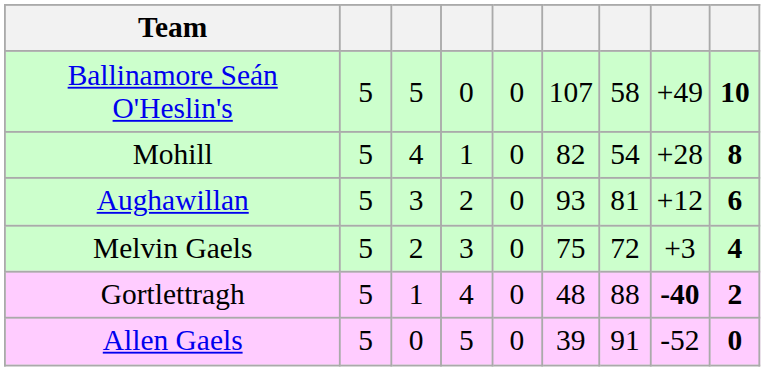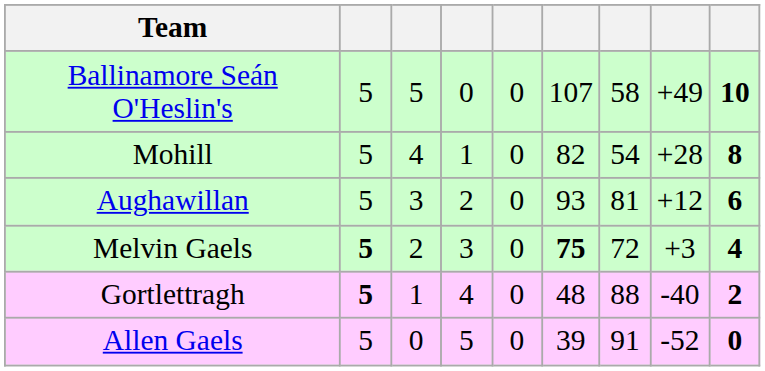 <table class="wikitable" style="text-align:center">
 <tr>
 <th style="width:175px;">Team</th>
 <th width="20"></th>
 <th width="20"></th>
 <th width="20"></th>
 <th width="20"></th>
 <th width="20"></th>
 <th width="20"></th>
 <th width="20"></th>
 <th width="20"></th>
 </tr>
 <tr style="background:#cfc;">
 <td><a href='#'>Ballinamore Seán O'Heslin's</a></td>
 <td>5</td>
 <td>5</td>
 <td>0</td>
 <td>0</td>
 <td>107</td>
 <td>58</td>
 <td>+49</td>
 <td><strong>10</strong></td>
 </tr>
 <tr style="background:#cfc;">
 <td>Mohill</td>
 <td>5</td>
 <td>4</td>
 <td>1</td>
 <td>0</td>
 <td>82</td>
 <td>54</td>
 <td>+28</td>
 <td><strong>8</strong></td>
 </tr>
 <tr style="background:#cfc;">
 <td><a href='#'>Aughawillan</a></td>
 <td>5</td>
 <td>3</td>
 <td>2</td>
 <td>0</td>
 <td>93</td>
 <td>81</td>
 <td>+12</td>
 <td><strong>6</strong></td>
 </tr>
 <tr style="background:#cfc;">
 <td>Melvin Gaels</td>
-<td>5</td>
+<td><strong>5</strong></td>
 <td>2</td>
 <td>3</td>
 <td>0</td>
-<td>75</td>
+<td><strong>75</strong></td>
 <td>72</td>
 <td>+3</td>
 <td><strong>4</strong></td>
 </tr>
 <tr style="background:#fcf;">
 <td>Gortlettragh</td>
-<td>5</td>
+<td><strong>5</strong></td>
 <td>1</td>
 <td>4</td>
 <td>0</td>
 <td>48</td>
 <td>88</td>
-<td><strong>-40</strong></td>
+<td>-40</td>
 <td><strong>2</strong></td>
 </tr>
 <tr style="background:#fcf;">
 <td><a href='#'>Allen Gaels</a></td>
 <td>5</td>
 <td>0</td>
 <td>5</td>
 <td>0</td>
 <td>39</td>
 <td>91</td>
 <td>-52</td>
 <td><strong>0</strong></td>
 </tr>
 </table>
